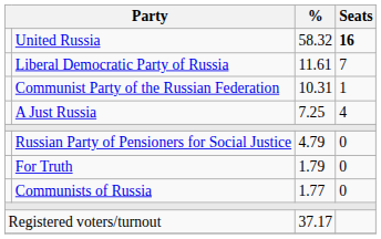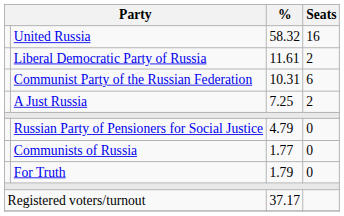 <table class="wikitable">
 <tr>
 <th colspan=2>Party</th>
 <th>%</th>
 <th>Seats</th>
 </tr>
 <tr>
 <td style="background:"></td>
 <td><a href='#'>United Russia</a></td>
 <td>58.32</td>
-<td><strong>16</strong></td>
+<td>16</td>
 </tr>
 <tr>
 <td style="background:"></td>
 <td><a href='#'>Liberal Democratic Party of Russia</a></td>
 <td>11.61</td>
-<td>7</td>
+<td>2</td>
 </tr>
 <tr>
 <td style="background:"></td>
 <td><a href='#'>Communist Party of the Russian Federation</a></td>
 <td>10.31</td>
-<td>1</td>
+<td>6</td>
 </tr>
 <tr>
 <td style="background:"></td>
 <td><a href='#'>A Just Russia</a></td>
 <td>7.25</td>
-<td>4</td>
+<td>2</td>
 </tr>
 <tr>
 <td colspan=4 style="background:#E9E9E9;"></td>
 </tr>
 <tr>
 <td style="background:"></td>
 <td><a href='#'>Russian Party of Pensioners for Social Justice</a></td>
 <td>4.79</td>
 <td>0</td>
 </tr>
 <tr>
 <td style="background:"></td>
-<td><a href='#'>For Truth</a></td>
-<td>1.79</td>
+<td><a href='#'>Communists of Russia</a></td>
+<td>1.77</td>
 <td>0</td>
 </tr>
 <tr>
 <td style="background:"></td>
-<td><a href='#'>Communists of Russia</a></td>
-<td>1.77</td>
+<td><a href='#'>For Truth</a></td>
+<td>1.79</td>
 <td>0</td>
 </tr>
 <tr>
 <td colspan=4 style="background:#E9E9E9;"></td>
 </tr>
 <tr>
 <td align=left colspan=2>Registered voters/turnout</td>
 <td>37.17</td>
 <td></td>
 </tr>
 <tr>
 </tr>
 </table>
